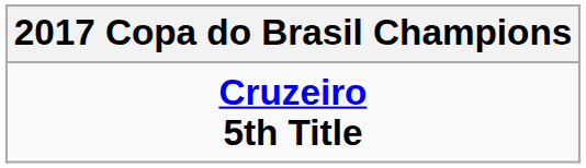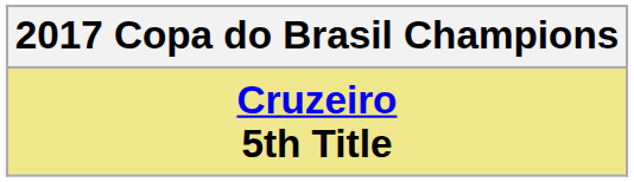 <table class="wikitable" style="text-align: center; margin: 0 auto;">
 <tr>
 <th>2017 Copa do Brasil Champions</th>
 </tr>
 <tr>
-<td><strong><a href='#'>Cruzeiro</a></strong><br><strong>5th Title</strong></td>
+<td style="background: khaki;"><strong><a href='#'>Cruzeiro</a></strong><br><strong>5th Title</strong></td>
 </tr>
 </table>
